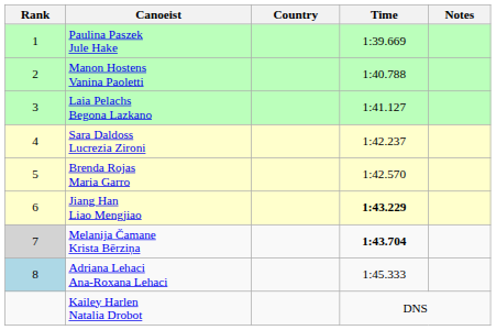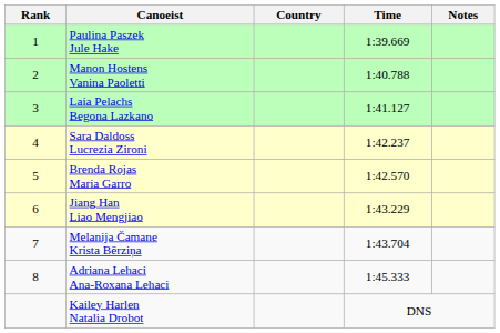 <table class="wikitable" style="text-align:center;width: 50%">
 <tr>
 <th>Rank</th>
 <th>Canoeist</th>
 <th>Country</th>
 <th>Time</th>
 <th>Notes</th>
 </tr>
 <tr bgcolor=bbffbb>
 <td>1</td>
 <td align="left"><a href='#'>Paulina Paszek</a><br><a href='#'>Jule Hake</a></td>
 <td align="left"></td>
 <td>1:39.669</td>
 <td></td>
 </tr>
 <tr bgcolor=bbffbb>
 <td>2</td>
 <td align="left"><a href='#'>Manon Hostens</a><br><a href='#'>Vanina Paoletti</a></td>
 <td align="left"></td>
 <td>1:40.788</td>
 <td></td>
 </tr>
 <tr bgcolor=bbffbb>
 <td>3</td>
 <td align="left"><a href='#'>Laia Pelachs</a><br><a href='#'>Begona Lazkano</a></td>
 <td align="left"></td>
 <td>1:41.127</td>
 <td></td>
 </tr>
 <tr bgcolor=ffffcc>
 <td>4</td>
 <td align="left"><a href='#'>Sara Daldoss</a><br><a href='#'>Lucrezia Zironi</a></td>
 <td align="left"></td>
 <td>1:42.237</td>
 <td></td>
 </tr>
 <tr bgcolor=ffffcc>
 <td>5</td>
 <td align="left"><a href='#'>Brenda Rojas</a><br><a href='#'>Maria Garro</a></td>
 <td align="left"></td>
 <td>1:42.570</td>
 <td></td>
 </tr>
 <tr bgcolor=ffffcc>
 <td>6</td>
 <td align="left"><a href='#'>Jiang Han</a><br><a href='#'>Liao Mengjiao</a></td>
 <td align="left"></td>
-<td><strong>1:43.229</strong></td>
+<td>1:43.229</td>
 <td></td>
 </tr>
 <tr>
-<td style="background: lightgrey;">7</td>
+<td>7</td>
 <td align="left"><a href='#'>Melanija Čamane</a><br><a href='#'>Krista Bērziņa</a></td>
 <td align="left"></td>
-<td><strong>1:43.704</strong></td>
+<td>1:43.704</td>
 <td></td>
 </tr>
 <tr>
-<td style="background: lightblue;">8</td>
+<td>8</td>
 <td align="left"><a href='#'>Adriana Lehaci</a><br><a href='#'>Ana-Roxana Lehaci</a></td>
 <td align="left"></td>
 <td>1:45.333</td>
 <td></td>
 </tr>
 <tr>
 <td></td>
 <td align="left"><a href='#'>Kailey Harlen</a><br><a href='#'>Natalia Drobot</a></td>
 <td align="left"></td>
 <td colspan=2>DNS</td>
 </tr>
 </table>
